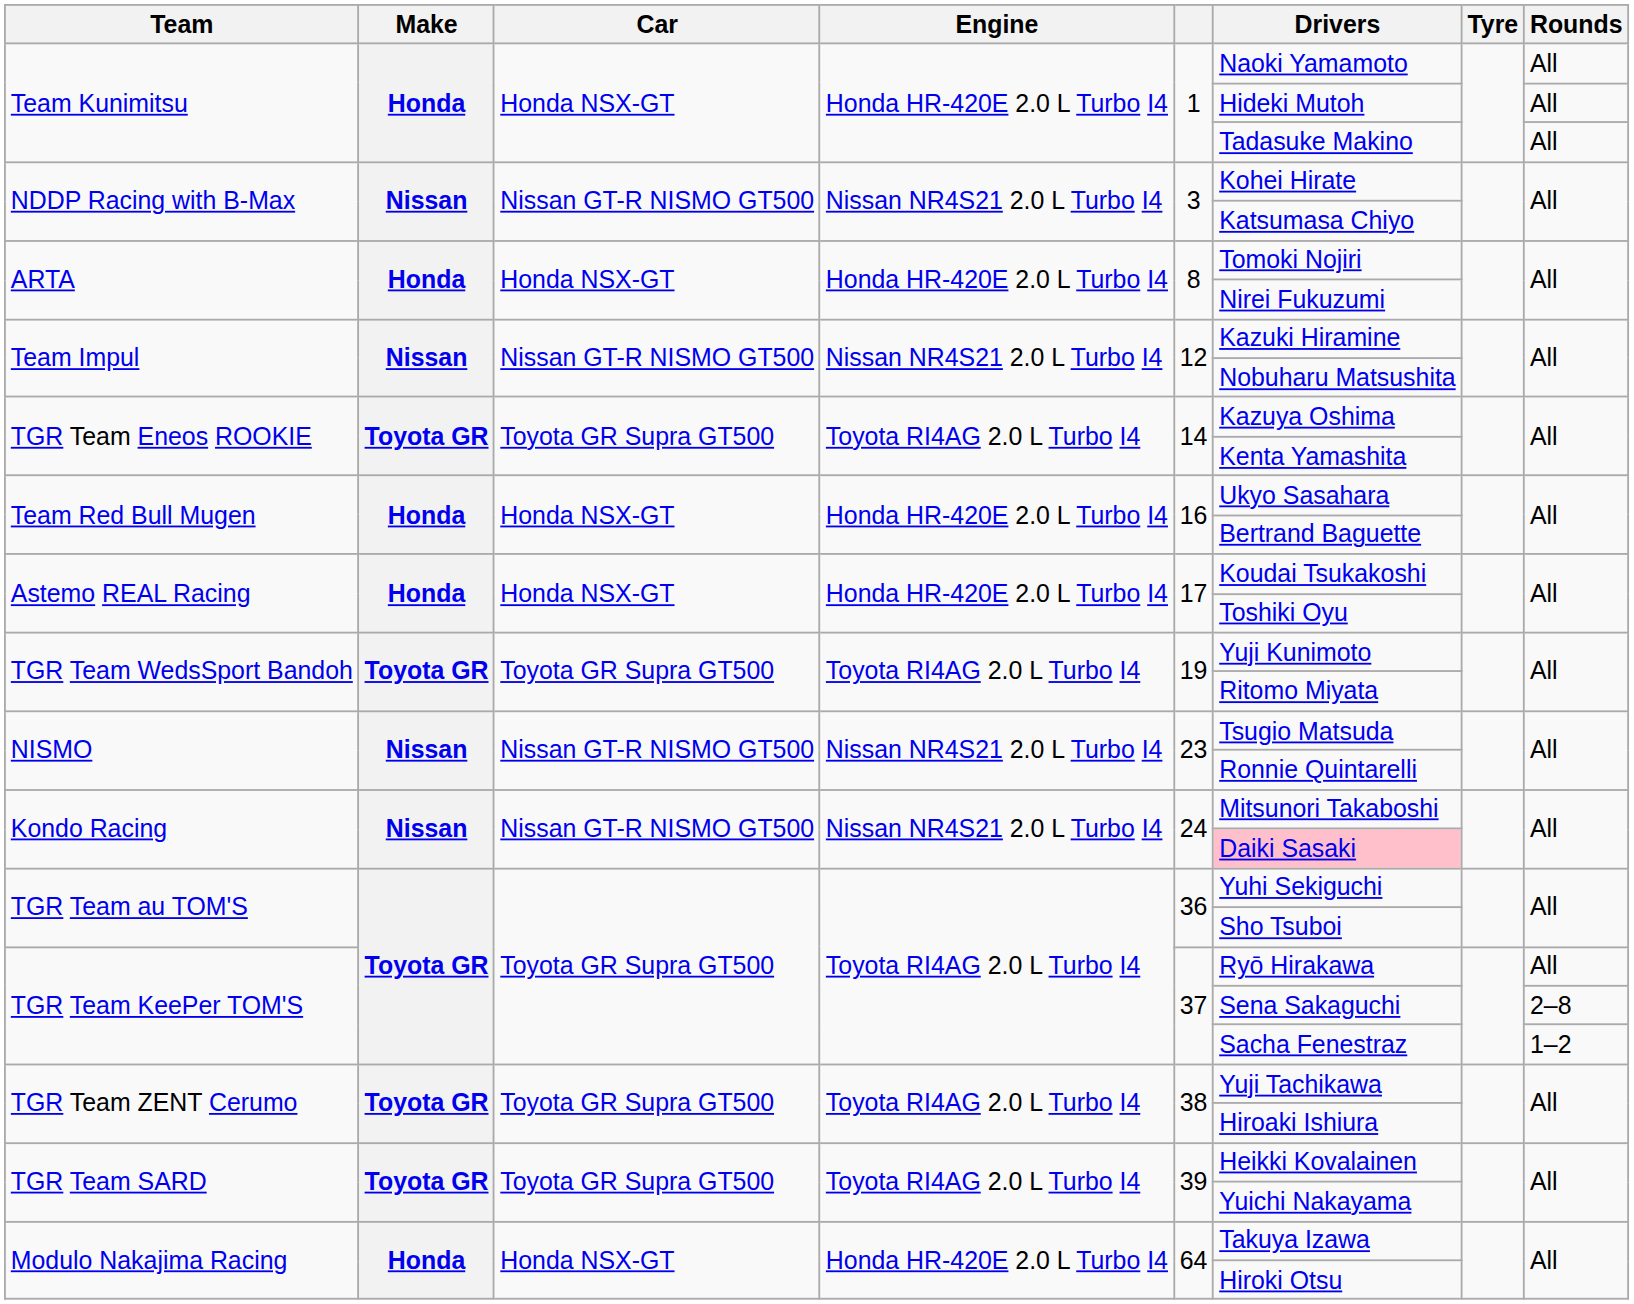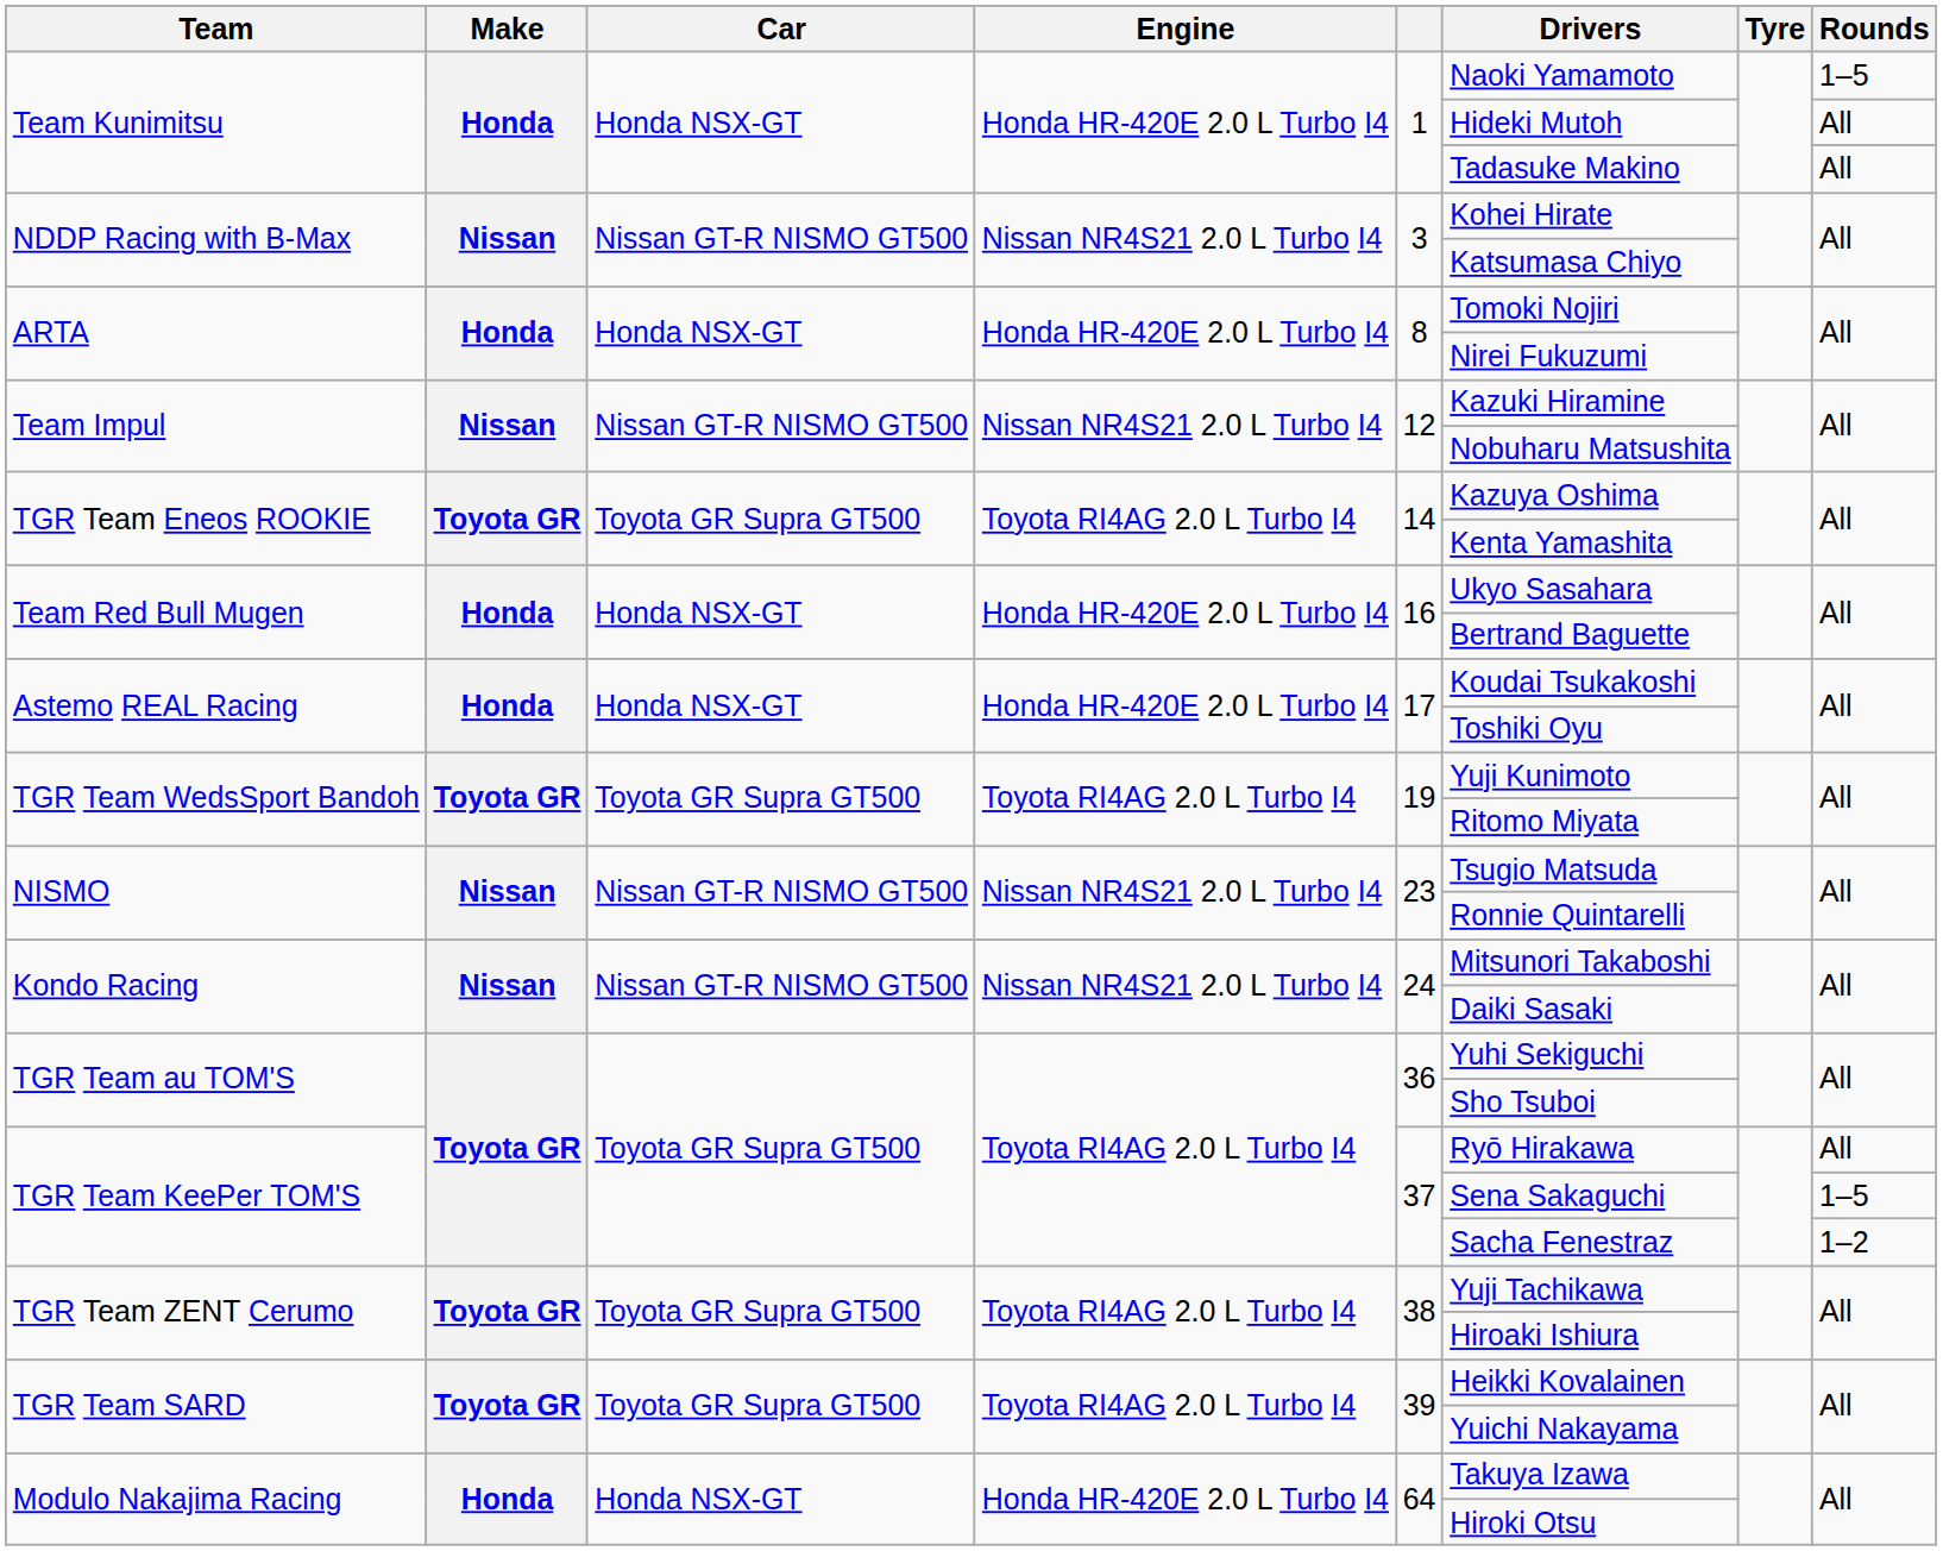 <table class="wikitable" style="font-size: 85%">
 <tr>
 <th>Team</th>
 <th>Make</th>
 <th>Car</th>
 <th>Engine</th>
 <th></th>
 <th>Drivers</th>
 <th>Tyre</th>
 <th>Rounds</th>
 </tr>
 <tr>
 <td rowspan=3> <a href='#'>Team Kunimitsu</a></td>
 <th rowspan=3><a href='#'>Honda</a></th>
 <td rowspan=3><a href='#'>Honda NSX-GT</a></td>
 <td rowspan=3><a href='#'>Honda HR-420E</a> 2.0 L <a href='#'>Turbo</a> <a href='#'>I4</a></td>
 <td align="center" rowspan=3>1</td>
 <td> <a href='#'>Naoki Yamamoto</a></td>
 <td rowspan=3 align=center></td>
-<td>All</td>
+<td>1–5</td>
 </tr>
 <tr>
 <td> <a href='#'>Hideki Mutoh</a></td>
 <td>All</td>
 </tr>
 <tr>
 <td> <a href='#'>Tadasuke Makino</a></td>
 <td>All</td>
 </tr>
 <tr>
 <td rowspan=2> <a href='#'>NDDP Racing with B-Max</a></td>
 <th rowspan=2><a href='#'>Nissan</a></th>
 <td rowspan=2><a href='#'>Nissan GT-R NISMO GT500</a></td>
 <td rowspan=2><a href='#'>Nissan NR4S21</a> 2.0 L <a href='#'>Turbo</a> <a href='#'>I4</a></td>
 <td align="center" rowspan=2>3</td>
 <td> <a href='#'>Kohei Hirate</a></td>
 <td rowspan=2 align=center></td>
 <td rowspan="2">All</td>
 </tr>
 <tr>
 <td> <a href='#'>Katsumasa Chiyo</a></td>
 </tr>
 <tr>
 <td rowspan=2> <a href='#'>ARTA</a></td>
 <th rowspan=2><a href='#'>Honda</a></th>
 <td rowspan=2><a href='#'>Honda NSX-GT</a></td>
 <td rowspan=2><a href='#'>Honda HR-420E</a> 2.0 L <a href='#'>Turbo</a> <a href='#'>I4</a></td>
 <td align="center" rowspan=2>8</td>
 <td> <a href='#'>Tomoki Nojiri</a></td>
 <td rowspan=2 align=center></td>
 <td rowspan="2">All</td>
 </tr>
 <tr>
 <td> <a href='#'>Nirei Fukuzumi</a></td>
 </tr>
 <tr>
 <td rowspan=2> <a href='#'>Team Impul</a></td>
 <th rowspan=2><a href='#'>Nissan</a></th>
 <td rowspan=2><a href='#'>Nissan GT-R NISMO GT500</a></td>
 <td rowspan=2><a href='#'>Nissan NR4S21</a> 2.0 L <a href='#'>Turbo</a> <a href='#'>I4</a></td>
 <td align="center" rowspan=2>12</td>
 <td> <a href='#'>Kazuki Hiramine</a></td>
 <td rowspan=2 align=center></td>
 <td rowspan="2">All</td>
 </tr>
 <tr>
 <td> <a href='#'>Nobuharu Matsushita</a></td>
 </tr>
 <tr>
 <td rowspan=2> <a href='#'>TGR</a> Team <a href='#'>Eneos</a> <a href='#'>ROOKIE</a></td>
 <th rowspan=2><a href='#'>Toyota GR</a></th>
 <td rowspan=2><a href='#'>Toyota GR Supra GT500</a></td>
 <td rowspan=2><a href='#'>Toyota RI4AG</a> 2.0 L <a href='#'>Turbo</a> <a href='#'>I4</a></td>
 <td align="center" rowspan=2>14</td>
 <td> <a href='#'>Kazuya Oshima</a></td>
 <td rowspan=2 align=center></td>
 <td rowspan="2">All</td>
 </tr>
 <tr>
 <td> <a href='#'>Kenta Yamashita</a></td>
 </tr>
 <tr>
 <td rowspan=2> <a href='#'>Team Red Bull Mugen</a></td>
 <th rowspan=2><a href='#'>Honda</a></th>
 <td rowspan=2><a href='#'>Honda NSX-GT</a></td>
 <td rowspan=2><a href='#'>Honda HR-420E</a> 2.0 L <a href='#'>Turbo</a> <a href='#'>I4</a></td>
 <td align="center" rowspan=2>16</td>
 <td> <a href='#'>Ukyo Sasahara</a></td>
 <td rowspan=2 align=center></td>
 <td rowspan="2">All</td>
 </tr>
 <tr>
 <td> <a href='#'>Bertrand Baguette</a></td>
 </tr>
 <tr>
 <td rowspan=2> <a href='#'>Astemo</a> <a href='#'>REAL Racing</a></td>
 <th rowspan=2><a href='#'>Honda</a></th>
 <td rowspan=2><a href='#'>Honda NSX-GT</a></td>
 <td rowspan=2><a href='#'>Honda HR-420E</a> 2.0 L <a href='#'>Turbo</a> <a href='#'>I4</a></td>
 <td align="center" rowspan=2>17</td>
 <td> <a href='#'>Koudai Tsukakoshi</a></td>
 <td rowspan=2 align=center></td>
 <td rowspan="2">All</td>
 </tr>
 <tr>
 <td> <a href='#'>Toshiki Oyu</a></td>
 </tr>
 <tr>
 <td rowspan=2> <a href='#'>TGR</a> <a href='#'>Team WedsSport Bandoh</a></td>
 <th rowspan=2><a href='#'>Toyota GR</a></th>
 <td rowspan=2><a href='#'>Toyota GR Supra GT500</a></td>
 <td rowspan=2><a href='#'>Toyota RI4AG</a> 2.0 L <a href='#'>Turbo</a> <a href='#'>I4</a></td>
 <td align="center" rowspan=2>19</td>
 <td> <a href='#'>Yuji Kunimoto</a></td>
 <td rowspan=2 align=center></td>
 <td rowspan="2">All</td>
 </tr>
 <tr>
 <td> <a href='#'>Ritomo Miyata</a></td>
 </tr>
 <tr>
 <td rowspan=2> <a href='#'>NISMO</a></td>
 <th rowspan=2><a href='#'>Nissan</a></th>
 <td rowspan=2><a href='#'>Nissan GT-R NISMO GT500</a></td>
 <td rowspan=2><a href='#'>Nissan NR4S21</a> 2.0 L <a href='#'>Turbo</a> <a href='#'>I4</a></td>
 <td align="center" rowspan=2>23</td>
 <td> <a href='#'>Tsugio Matsuda</a></td>
 <td rowspan=2 align=center></td>
 <td rowspan="2">All</td>
 </tr>
 <tr>
 <td> <a href='#'>Ronnie Quintarelli</a></td>
 </tr>
 <tr>
 <td rowspan=2> <a href='#'>Kondo Racing</a></td>
 <th rowspan=2><a href='#'>Nissan</a></th>
 <td rowspan=2><a href='#'>Nissan GT-R NISMO GT500</a></td>
 <td rowspan=2><a href='#'>Nissan NR4S21</a> 2.0 L <a href='#'>Turbo</a> <a href='#'>I4</a></td>
 <td align="center" rowspan=2>24</td>
 <td> <a href='#'>Mitsunori Takaboshi</a></td>
 <td rowspan=2 align=center></td>
 <td rowspan="2">All</td>
 </tr>
 <tr>
-<td style="background: pink;"> <a href='#'>Daiki Sasaki</a></td>
+<td> <a href='#'>Daiki Sasaki</a></td>
 </tr>
 <tr>
 <td rowspan=2> <a href='#'>TGR</a> <a href='#'>Team au TOM'S</a></td>
 <th rowspan="5"><a href='#'>Toyota GR</a></th>
 <td rowspan="5"><a href='#'>Toyota GR Supra GT500</a></td>
 <td rowspan="5"><a href='#'>Toyota RI4AG</a> 2.0 L <a href='#'>Turbo</a> <a href='#'>I4</a></td>
 <td align="center" rowspan="2">36</td>
 <td> <a href='#'>Yuhi Sekiguchi</a></td>
 <td rowspan="2" align="center"></td>
 <td rowspan="2">All</td>
 </tr>
 <tr>
 <td> <a href='#'>Sho Tsuboi</a></td>
 </tr>
 <tr>
 <td rowspan="3"> <a href='#'>TGR</a> <a href='#'>Team KeePer TOM'S</a></td>
 <td align="center" rowspan="3">37</td>
 <td> <a href='#'>Ryō Hirakawa</a></td>
 <td rowspan="3" align="center"></td>
 <td>All</td>
 </tr>
 <tr>
 <td> <a href='#'>Sena Sakaguchi</a></td>
-<td>2–8</td>
+<td>1–5</td>
 </tr>
 <tr>
 <td> <a href='#'>Sacha Fenestraz</a></td>
 <td>1–2</td>
 </tr>
 <tr>
 <td rowspan=2> <a href='#'>TGR</a> Team ZENT <a href='#'>Cerumo</a></td>
 <th rowspan=2><a href='#'>Toyota GR</a></th>
 <td rowspan=2><a href='#'>Toyota GR Supra GT500</a></td>
 <td rowspan=2><a href='#'>Toyota RI4AG</a> 2.0 L <a href='#'>Turbo</a> <a href='#'>I4</a></td>
 <td align="center" rowspan=2>38</td>
 <td> <a href='#'>Yuji Tachikawa</a></td>
 <td rowspan=2 align=center></td>
 <td rowspan="2">All</td>
 </tr>
 <tr>
 <td> <a href='#'>Hiroaki Ishiura</a></td>
 </tr>
 <tr>
 <td rowspan=2> <a href='#'>TGR</a> <a href='#'>Team SARD</a></td>
 <th rowspan=2><a href='#'>Toyota GR</a></th>
 <td rowspan=2><a href='#'>Toyota GR Supra GT500</a></td>
 <td rowspan=2><a href='#'>Toyota RI4AG</a> 2.0 L <a href='#'>Turbo</a> <a href='#'>I4</a></td>
 <td align="center" rowspan=2>39</td>
 <td> <a href='#'>Heikki Kovalainen</a></td>
 <td rowspan=2 align="center"></td>
 <td rowspan=2>All</td>
 </tr>
 <tr>
 <td> <a href='#'>Yuichi Nakayama</a></td>
 </tr>
 <tr>
 <td rowspan="2"> <a href='#'>Modulo Nakajima Racing</a></td>
 <th rowspan="2"><a href='#'>Honda</a></th>
 <td rowspan="2"><a href='#'>Honda NSX-GT</a></td>
 <td rowspan="2"><a href='#'>Honda HR-420E</a> 2.0 L <a href='#'>Turbo</a> <a href='#'>I4</a></td>
 <td align="center" rowspan=2>64</td>
 <td> <a href='#'>Takuya Izawa</a></td>
 <td rowspan="2" align="center"></td>
 <td rowspan="2">All</td>
 </tr>
 <tr>
 <td> <a href='#'>Hiroki Otsu</a></td>
 </tr>
 </table>
